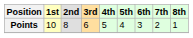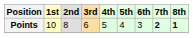 <table class="wikitable sortable" style="font-size:85%">
 <tr>
 <th>Position</th>
 <td style="background-color:#ffffbf"><strong>1st</strong></td>
 <td style="background-color:#dfdfdf"><strong>2nd</strong></td>
 <td style="background-color:#ffdf9f"><strong>3rd</strong></td>
 <td style="background-color:#dfffdf"><strong>4th</strong></td>
 <td style="background-color:#dfffdf"><strong>5th</strong></td>
 <td style="background-color:#dfffdf"><strong>6th</strong></td>
 <td style="background-color:#dfffdf"><strong>7th</strong></td>
 <td style="background-color:#dfffdf"><strong>8th</strong></td>
 </tr>
 <tr>
 <th>Points</th>
 <td style="background-color:#ffffbf">10</td>
 <td style="background-color:#dfdfdf">8</td>
 <td style="background-color:#ffdf9f">6</td>
 <td style="background-color:#dfffdf">5</td>
 <td style="background-color:#dfffdf">4</td>
 <td style="background-color:#dfffdf">3</td>
-<td style="background-color:#dfffdf">2</td>
-<td style="background-color:#dfffdf">1</td>
+<td style="background-color:#dfffdf"><strong>2</strong></td>
+<td style="background-color:#dfffdf"><strong>1</strong></td>
 </tr>
 <tr>
 </tr>
 </table>
